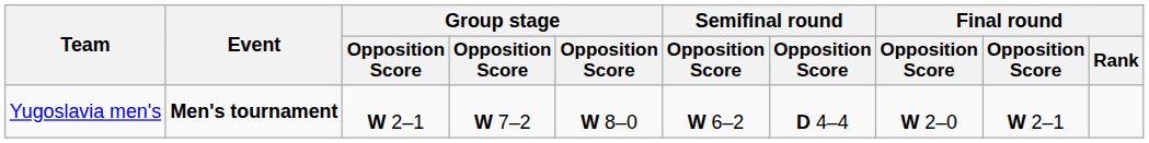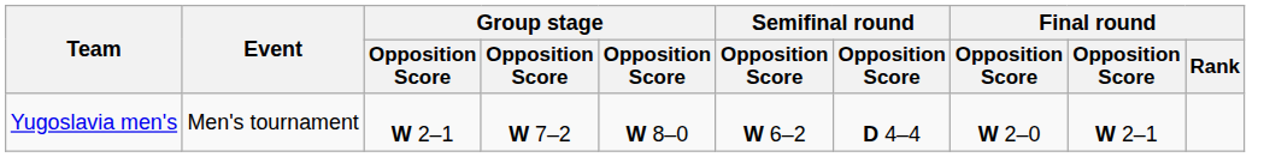 <table class=wikitable style=font-size:90%;text-align:center>
 <tr>
 <th rowspan=2>Team</th>
 <th rowspan=2>Event</th>
 <th colspan=3>Group stage</th>
 <th colspan=2>Semifinal round</th>
 <th colspan=3>Final round</th>
 </tr>
 <tr style=font-size:95%>
 <th>Opposition<br>Score</th>
 <th>Opposition<br>Score</th>
 <th>Opposition<br>Score</th>
 <th>Opposition<br>Score</th>
 <th>Opposition<br>Score</th>
 <th>Opposition<br>Score</th>
 <th>Opposition<br>Score</th>
 <th>Rank</th>
 </tr>
 <tr>
 <td align=left><a href='#'>Yugoslavia men's</a></td>
-<td align=left><strong>Men's tournament</strong></td>
+<td align=left>Men's tournament</td>
 <td><br><strong>W</strong> 2–1</td>
 <td><br><strong>W</strong> 7–2</td>
 <td><br><strong>W</strong> 8–0</td>
 <td><br><strong>W</strong> 6–2</td>
 <td><br><strong>D</strong> 4–4</td>
 <td><br><strong>W</strong> 2–0</td>
 <td><br><strong>W</strong> 2–1</td>
 <td></td>
 </tr>
 </table>
